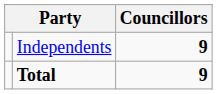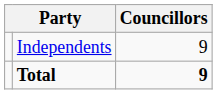 <table class="wikitable">
 <tr>
 <th colspan="2">Party</th>
 <th>Councillors</th>
 </tr>
 <tr>
 <td></td>
 <td><a href='#'>Independents</a></td>
-<td align=right><strong>9</strong></td>
+<td align=right>9</td>
 </tr>
 <tr>
 <td></td>
 <td><strong>Total</strong></td>
 <td align=right><strong>9</strong></td>
 </tr>
 </table>
